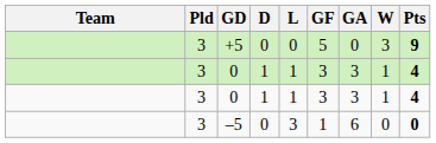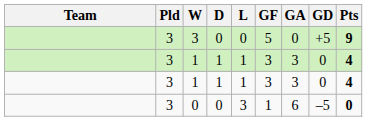 <table class="wikitable" style="text-align: center;">
 <tr>
 <th width=165>Team</th>
 <th width=20>Pld</th>
-<th width=20>GD</th>
+<th width=20>W</th>
 <th width=20>D</th>
 <th width=20>L</th>
 <th width=20>GF</th>
 <th width=20>GA</th>
-<th width=20>W</th>
+<th width=20>GD</th>
 <th width=20>Pts</th>
 </tr>
 <tr bgcolor="#D0F0C0">
 <td align="left"></td>
 <td>3</td>
-<td>+5</td>
+<td>3</td>
 <td>0</td>
 <td>0</td>
 <td>5</td>
 <td>0</td>
-<td>3</td>
+<td>+5</td>
 <td><strong>9</strong></td>
 </tr>
 <tr bgcolor="#D0F0C0">
 <td align="left"></td>
 <td>3</td>
-<td>0</td>
+<td>1</td>
 <td>1</td>
 <td>1</td>
 <td>3</td>
 <td>3</td>
+<td>0</td>
+<td><strong>4</strong></td>
+</tr>
+<tr>
+<td align="left"></td>
+<td>3</td>
 <td>1</td>
+<td>1</td>
+<td>1</td>
+<td>3</td>
+<td>3</td>
+<td>0</td>
 <td><strong>4</strong></td>
 </tr>
 <tr>
 <td align="left"></td>
 <td>3</td>
 <td>0</td>
-<td>1</td>
-<td>1</td>
-<td>3</td>
-<td>3</td>
-<td>1</td>
-<td><strong>4</strong></td>
-</tr>
-<tr>
-<td align="left"></td>
-<td>3</td>
-<td>–5</td>
 <td>0</td>
 <td>3</td>
 <td>1</td>
 <td>6</td>
-<td>0</td>
+<td>–5</td>
 <td><strong>0</strong></td>
 </tr>
 </table>
